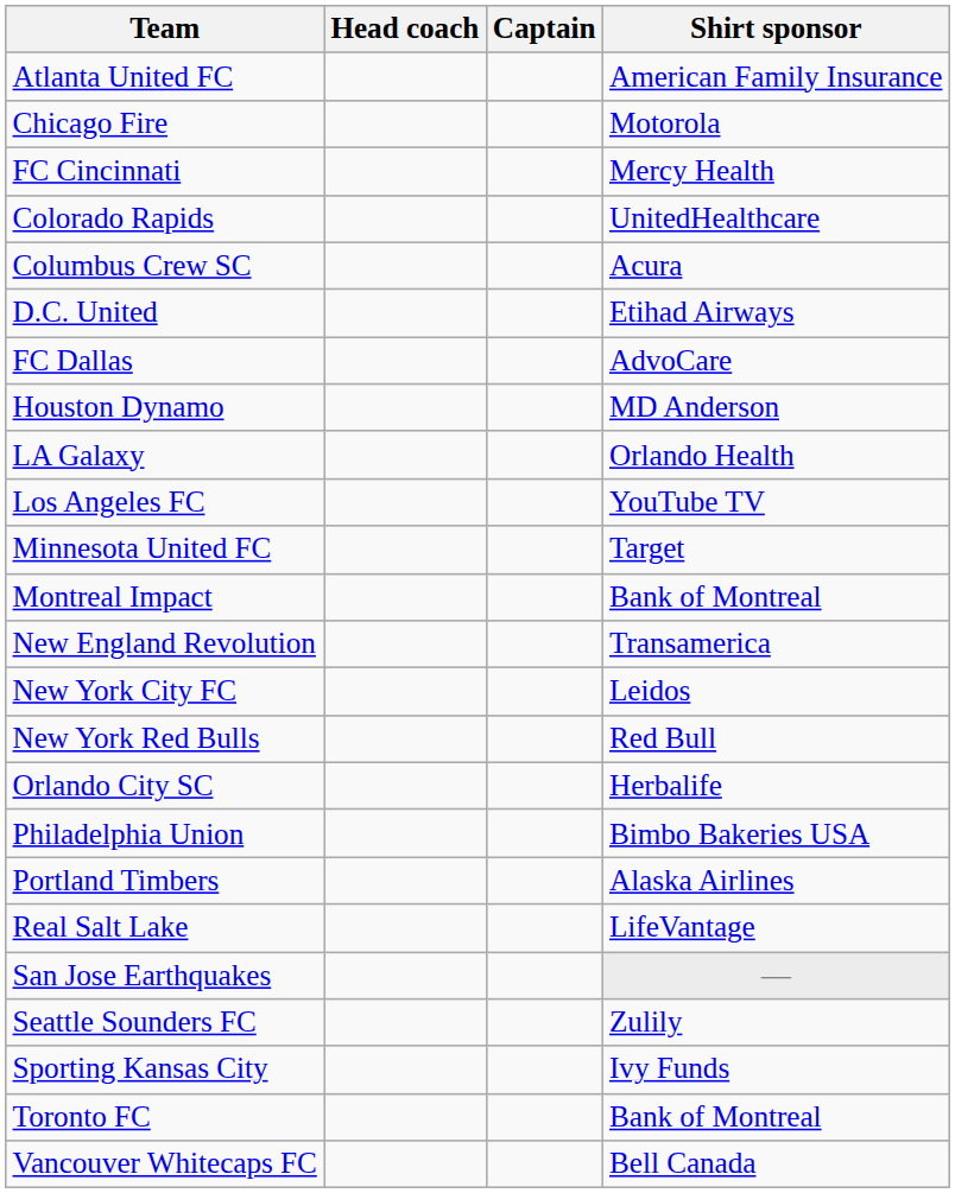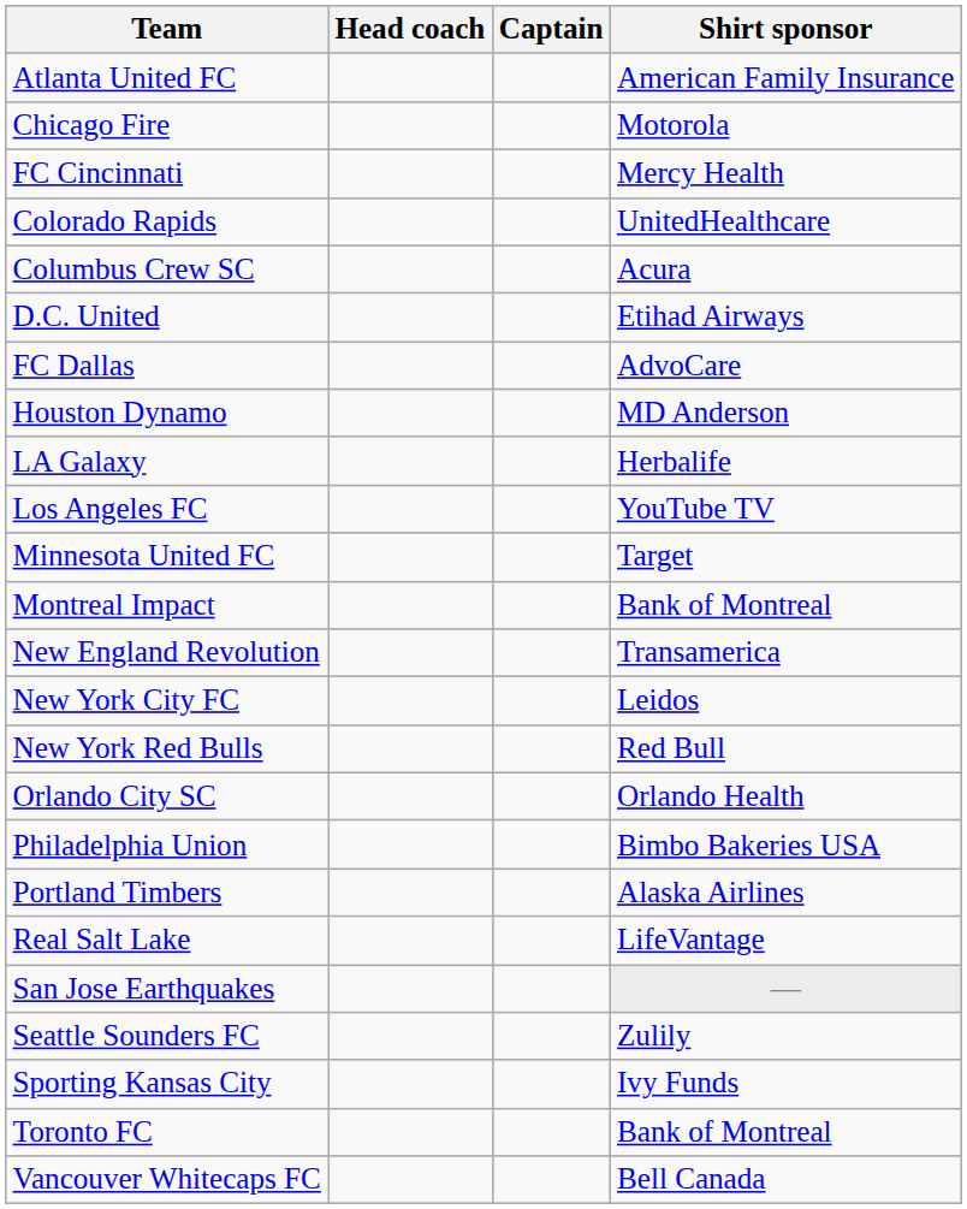 <table class="wikitable sortable" style="text-align: left;">
 <tr>
 <th>Team</th>
 <th>Head coach</th>
 <th>Captain</th>
 <th>Shirt sponsor</th>
 </tr>
 <tr>
 <td><a href='#'>Atlanta United FC</a></td>
 <td> </td>
 <td> </td>
 <td><a href='#'>American Family Insurance</a></td>
 </tr>
 <tr>
 <td><a href='#'>Chicago Fire</a></td>
 <td> </td>
 <td> </td>
 <td><a href='#'>Motorola</a></td>
 </tr>
 <tr>
 <td><a href='#'>FC Cincinnati</a></td>
 <td> </td>
 <td> </td>
 <td><a href='#'>Mercy Health</a></td>
 </tr>
 <tr>
 <td><a href='#'>Colorado Rapids</a></td>
 <td> </td>
 <td> </td>
 <td><a href='#'>UnitedHealthcare</a></td>
 </tr>
 <tr>
 <td><a href='#'>Columbus Crew SC</a></td>
 <td> </td>
 <td> </td>
 <td><a href='#'>Acura</a></td>
 </tr>
 <tr>
 <td><a href='#'>D.C. United</a></td>
 <td> </td>
 <td> </td>
 <td><a href='#'>Etihad Airways</a></td>
 </tr>
 <tr>
 <td><a href='#'>FC Dallas</a></td>
 <td> </td>
 <td> </td>
 <td><a href='#'>AdvoCare</a></td>
 </tr>
 <tr>
 <td><a href='#'>Houston Dynamo</a></td>
 <td> </td>
 <td> </td>
 <td><a href='#'>MD Anderson</a></td>
 </tr>
 <tr>
 <td><a href='#'>LA Galaxy</a></td>
 <td> </td>
 <td> </td>
-<td><a href='#'>Orlando Health</a></td>
+<td><a href='#'>Herbalife</a></td>
 </tr>
 <tr>
 <td><a href='#'>Los Angeles FC</a></td>
 <td> </td>
 <td> </td>
 <td><a href='#'>YouTube TV</a></td>
 </tr>
 <tr>
 <td><a href='#'>Minnesota United FC</a></td>
 <td> </td>
 <td> </td>
 <td><a href='#'>Target</a></td>
 </tr>
 <tr>
 <td><a href='#'>Montreal Impact</a></td>
 <td> </td>
 <td> </td>
 <td><a href='#'>Bank of Montreal</a></td>
 </tr>
 <tr>
 <td><a href='#'>New England Revolution</a></td>
 <td> </td>
 <td> </td>
 <td><a href='#'>Transamerica</a></td>
 </tr>
 <tr>
 <td><a href='#'>New York City FC</a></td>
 <td> </td>
 <td> </td>
 <td><a href='#'>Leidos</a></td>
 </tr>
 <tr>
 <td><a href='#'>New York Red Bulls</a></td>
 <td> </td>
 <td> </td>
 <td><a href='#'>Red Bull</a></td>
 </tr>
 <tr>
 <td><a href='#'>Orlando City SC</a></td>
 <td> </td>
 <td> </td>
-<td><a href='#'>Herbalife</a></td>
+<td><a href='#'>Orlando Health</a></td>
 </tr>
 <tr>
 <td><a href='#'>Philadelphia Union</a></td>
 <td> </td>
 <td> </td>
 <td><a href='#'>Bimbo Bakeries USA</a></td>
 </tr>
 <tr>
 <td><a href='#'>Portland Timbers</a></td>
 <td> </td>
 <td> </td>
 <td><a href='#'>Alaska Airlines</a></td>
 </tr>
 <tr>
 <td><a href='#'>Real Salt Lake</a></td>
 <td> </td>
 <td> </td>
 <td><a href='#'>LifeVantage</a></td>
 </tr>
 <tr>
 <td><a href='#'>San Jose Earthquakes</a></td>
 <td> </td>
 <td> </td>
 <td align="center" style="background:#ececec; color:gray">—</td>
 </tr>
 <tr>
 <td><a href='#'>Seattle Sounders FC</a></td>
 <td> </td>
 <td> </td>
 <td><a href='#'>Zulily</a></td>
 </tr>
 <tr>
 <td><a href='#'>Sporting Kansas City</a></td>
 <td> </td>
 <td> </td>
 <td><a href='#'>Ivy Funds</a></td>
 </tr>
 <tr>
 <td><a href='#'>Toronto FC</a></td>
 <td> </td>
 <td> </td>
 <td><a href='#'>Bank of Montreal</a></td>
 </tr>
 <tr>
 <td><a href='#'>Vancouver Whitecaps FC</a></td>
 <td> </td>
 <td> </td>
 <td><a href='#'>Bell Canada</a></td>
 </tr>
 </table>
